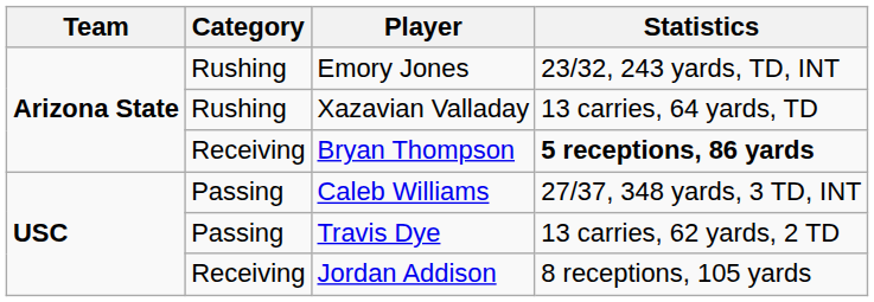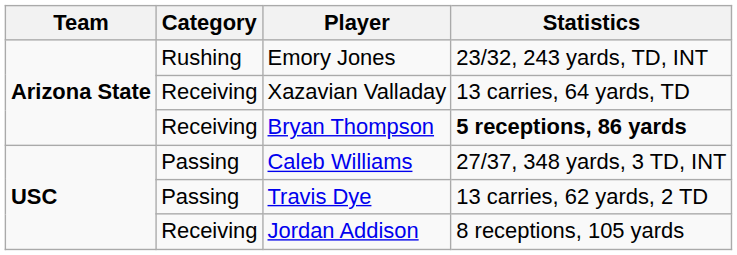 <table class="wikitable" style="float: right;">
 <tr>
 <th>Team</th>
 <th>Category</th>
 <th>Player</th>
 <th>Statistics</th>
 </tr>
 <tr>
 <td rowspan=3><strong>Arizona State</strong></td>
 <td>Rushing</td>
 <td>Emory Jones</td>
 <td>23/32, 243 yards, TD, INT</td>
 </tr>
 <tr>
-<td>Rushing</td>
+<td>Receiving</td>
 <td>Xazavian Valladay</td>
 <td>13 carries, 64 yards, TD</td>
 </tr>
 <tr>
 <td>Receiving</td>
 <td><a href='#'>Bryan Thompson</a></td>
 <td><strong>5 receptions, 86 yards</strong></td>
 </tr>
 <tr>
 <td rowspan=3><strong>USC</strong></td>
 <td>Passing</td>
 <td><a href='#'>Caleb Williams</a></td>
 <td>27/37, 348 yards, 3 TD, INT</td>
 </tr>
 <tr>
 <td>Passing</td>
 <td><a href='#'>Travis Dye</a></td>
 <td>13 carries, 62 yards, 2 TD</td>
 </tr>
 <tr>
 <td>Receiving</td>
 <td><a href='#'>Jordan Addison</a></td>
 <td>8 receptions, 105 yards</td>
 </tr>
 </table>
